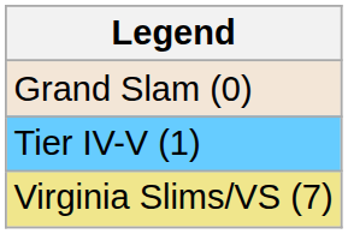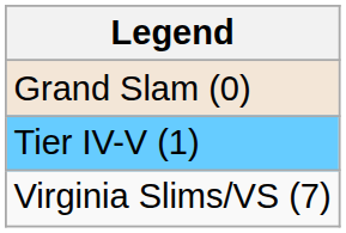 <table class="wikitable sortable mw-collapsible mw-collapsed">
 <tr bgcolor="#eeeeee">
 <th>Legend</th>
 </tr>
 <tr style="background:#f3e6d7;">
 <td>Grand Slam (0)</td>
 </tr>
 <tr style="background:#6cf;">
 <td>Tier IV-V (1)</td>
 </tr>
 <tr>
-<td style="background: khaki;">Virginia Slims/VS (7)</td>
+<td>Virginia Slims/VS (7)</td>
 </tr>
 </table>
